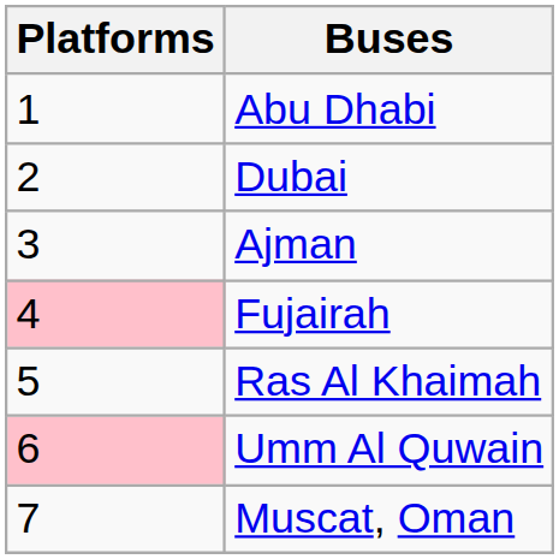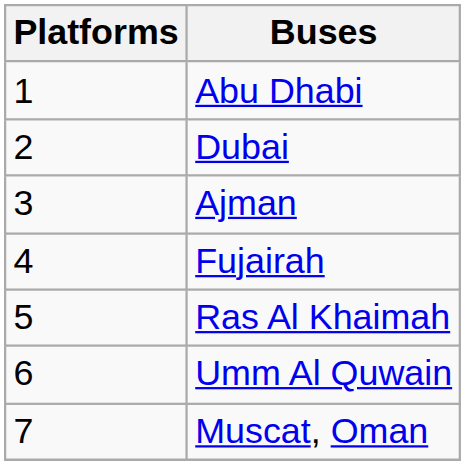 <table class="wikitable">
 <tr>
 <th>Platforms</th>
 <th>Buses</th>
 </tr>
 <tr>
 <td>1</td>
 <td><a href='#'>Abu Dhabi</a></td>
 </tr>
 <tr>
 <td>2</td>
 <td><a href='#'>Dubai</a></td>
 </tr>
 <tr>
 <td>3</td>
 <td><a href='#'>Ajman</a></td>
 </tr>
 <tr>
-<td style="background: pink;">4</td>
+<td>4</td>
 <td><a href='#'>Fujairah</a></td>
 </tr>
 <tr>
 <td>5</td>
 <td><a href='#'>Ras Al Khaimah</a></td>
 </tr>
 <tr>
-<td style="background: pink;">6</td>
+<td>6</td>
 <td><a href='#'>Umm Al Quwain</a></td>
 </tr>
 <tr>
 <td>7</td>
 <td><a href='#'>Muscat</a>, <a href='#'>Oman</a></td>
 </tr>
 <tr>
 </tr>
 </table>
